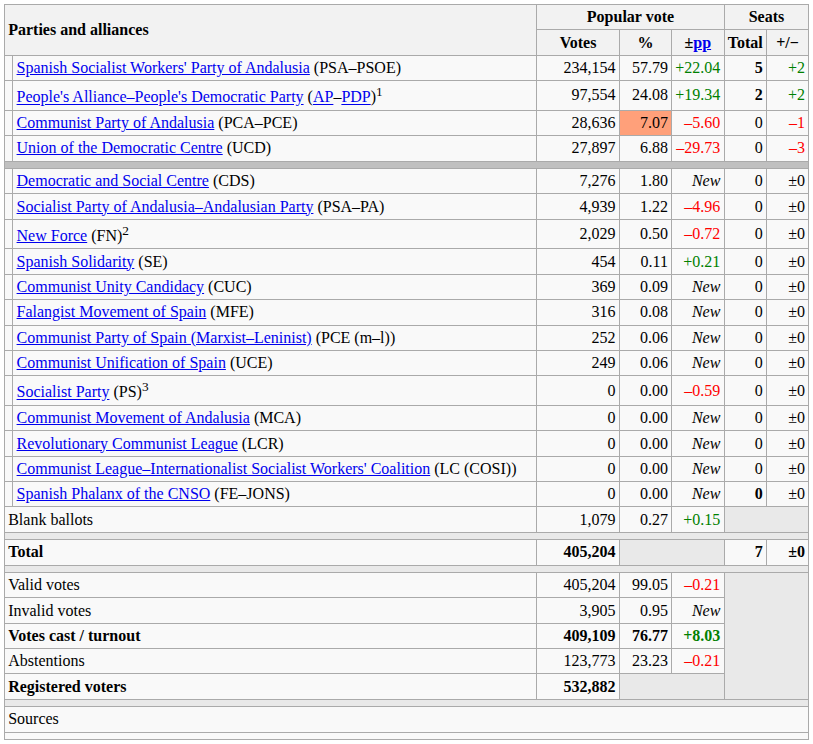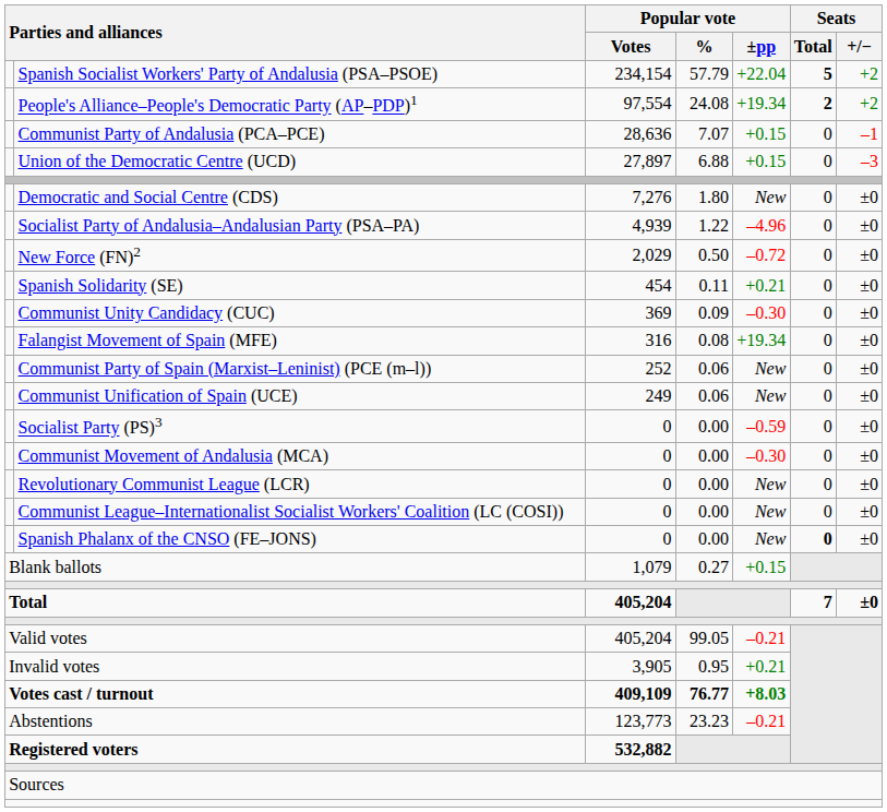 <table class="wikitable" style="text-align:right;">
 <tr>
 <th style="text-align:left;" rowspan="2" colspan="2" width="525">Parties and alliances</th>
 <th colspan="3">Popular vote</th>
 <th colspan="2">Seats</th>
 </tr>
 <tr>
 <th width="75">Votes</th>
 <th width="45">%</th>
 <th width="45">±<a href='#'>pp</a></th>
 <th width="35">Total</th>
 <th width="35">+/−</th>
 </tr>
 <tr>
 <td width="1" style="color:inherit;background:"></td>
 <td align="left"><a href='#'>Spanish Socialist Workers' Party of Andalusia</a> (PSA–PSOE)</td>
 <td>234,154</td>
 <td>57.79</td>
 <td style="color:green;">+22.04</td>
 <td><strong>5</strong></td>
 <td style="color:green;">+2</td>
 </tr>
 <tr>
 <td style="color:inherit;background:"></td>
 <td align="left"><a href='#'>People's Alliance–People's Democratic Party</a> (<a href='#'>AP</a>–<a href='#'>PDP</a>)<sup>1</sup></td>
 <td>97,554</td>
 <td>24.08</td>
 <td style="color:green;">+19.34</td>
 <td><strong>2</strong></td>
 <td style="color:green;">+2</td>
 </tr>
 <tr>
 <td style="color:inherit;background:"></td>
 <td align="left"><a href='#'>Communist Party of Andalusia</a> (PCA–PCE)</td>
 <td>28,636</td>
-<td style="background: lightsalmon;">7.07</td>
-<td style="color:red;">–5.60</td>
+<td>7.07</td>
+<td style="color:green;">+0.15</td>
 <td>0</td>
 <td style="color:red;">–1</td>
 </tr>
 <tr>
 <td style="color:inherit;background:"></td>
 <td align="left"><a href='#'>Union of the Democratic Centre</a> (UCD)</td>
 <td>27,897</td>
 <td>6.88</td>
-<td style="color:red;">–29.73</td>
+<td style="color:green;">+0.15</td>
 <td>0</td>
 <td style="color:red;">–3</td>
 </tr>
 <tr>
 <td colspan="7" bgcolor="#C0C0C0"></td>
 </tr>
 <tr>
 <td style="color:inherit;background:"></td>
 <td align="left"><a href='#'>Democratic and Social Centre</a> (CDS)</td>
 <td>7,276</td>
 <td>1.80</td>
 <td><em>New</em></td>
 <td>0</td>
 <td>±0</td>
 </tr>
 <tr>
 <td style="color:inherit;background:"></td>
 <td align="left"><a href='#'>Socialist Party of Andalusia–Andalusian Party</a> (PSA–PA)</td>
 <td>4,939</td>
 <td>1.22</td>
 <td style="color:red;">–4.96</td>
 <td>0</td>
 <td>±0</td>
 </tr>
 <tr>
 <td style="color:inherit;background:"></td>
 <td align="left"><a href='#'>New Force</a> (FN)<sup>2</sup></td>
 <td>2,029</td>
 <td>0.50</td>
 <td style="color:red;">–0.72</td>
 <td>0</td>
 <td>±0</td>
 </tr>
 <tr>
 <td style="color:inherit;background:"></td>
 <td align="left"><a href='#'>Spanish Solidarity</a> (SE)</td>
 <td>454</td>
 <td>0.11</td>
 <td style="color:green;">+0.21</td>
 <td>0</td>
 <td>±0</td>
 </tr>
 <tr>
 <td style="color:inherit;background:"></td>
 <td align="left"><a href='#'>Communist Unity Candidacy</a> (CUC)</td>
 <td>369</td>
 <td>0.09</td>
-<td><em>New</em></td>
+<td style="color:red;">–0.30</td>
 <td>0</td>
 <td>±0</td>
 </tr>
 <tr>
 <td style="color:inherit;background:"></td>
 <td align="left"><a href='#'>Falangist Movement of Spain</a> (MFE)</td>
 <td>316</td>
 <td>0.08</td>
-<td><em>New</em></td>
+<td style="color:green;">+19.34</td>
 <td>0</td>
 <td>±0</td>
 </tr>
 <tr>
 <td style="color:inherit;background:"></td>
 <td align="left"><a href='#'>Communist Party of Spain (Marxist–Leninist)</a> (PCE (m–l))</td>
 <td>252</td>
 <td>0.06</td>
 <td><em>New</em></td>
 <td>0</td>
 <td>±0</td>
 </tr>
 <tr>
 <td style="color:inherit;background:"></td>
 <td align="left"><a href='#'>Communist Unification of Spain</a> (UCE)</td>
 <td>249</td>
 <td>0.06</td>
 <td><em>New</em></td>
 <td>0</td>
 <td>±0</td>
 </tr>
 <tr>
 <td style="color:inherit;background:"></td>
 <td align="left"><a href='#'>Socialist Party</a> (PS)<sup>3</sup></td>
 <td>0</td>
 <td>0.00</td>
 <td style="color:red;">–0.59</td>
 <td>0</td>
 <td>±0</td>
 </tr>
 <tr>
 <td style="color:inherit;background:"></td>
 <td align="left"><a href='#'>Communist Movement of Andalusia</a> (MCA)</td>
 <td>0</td>
 <td>0.00</td>
-<td><em>New</em></td>
+<td style="color:red;">–0.30</td>
 <td>0</td>
 <td>±0</td>
 </tr>
 <tr>
 <td style="color:inherit;background:"></td>
 <td align="left"><a href='#'>Revolutionary Communist League</a> (LCR)</td>
 <td>0</td>
 <td>0.00</td>
 <td><em>New</em></td>
 <td>0</td>
 <td>±0</td>
 </tr>
 <tr>
 <td style="color:inherit;background:"></td>
 <td align="left"><a href='#'>Communist League–Internationalist Socialist Workers' Coalition</a> (LC (COSI))</td>
 <td>0</td>
 <td>0.00</td>
 <td><em>New</em></td>
 <td>0</td>
 <td>±0</td>
 </tr>
 <tr>
 <td style="color:inherit;background:"></td>
 <td align="left"><a href='#'>Spanish Phalanx of the CNSO</a> (FE–JONS)</td>
 <td>0</td>
 <td>0.00</td>
 <td><em>New</em></td>
 <td><strong>0</strong></td>
 <td>±0</td>
 </tr>
 <tr>
 <td align="left" colspan="2">Blank ballots</td>
 <td>1,079</td>
 <td>0.27</td>
 <td style="color:green;">+0.15</td>
 <td bgcolor="#E9E9E9" colspan="2"></td>
 </tr>
 <tr>
 <td colspan="7" bgcolor="#E9E9E9"></td>
 </tr>
 <tr style="font-weight:bold;">
 <td align="left" colspan="2">Total</td>
 <td>405,204</td>
 <td bgcolor="#E9E9E9" colspan="2"></td>
 <td>7</td>
 <td>±0</td>
 </tr>
 <tr>
 <td colspan="7" bgcolor="#E9E9E9"></td>
 </tr>
 <tr>
 <td align="left" colspan="2">Valid votes</td>
 <td>405,204</td>
 <td>99.05</td>
 <td style="color:red;">–0.21</td>
 <td bgcolor="#E9E9E9" colspan="2" rowspan="5"></td>
 </tr>
 <tr>
 <td align="left" colspan="2">Invalid votes</td>
 <td>3,905</td>
 <td>0.95</td>
-<td><em>New</em></td>
+<td style="color:green;">+0.21</td>
 </tr>
 <tr style="font-weight:bold;">
 <td align="left" colspan="2">Votes cast / turnout</td>
 <td>409,109</td>
 <td>76.77</td>
 <td style="color:green;">+8.03</td>
 </tr>
 <tr>
 <td align="left" colspan="2">Abstentions</td>
 <td>123,773</td>
 <td>23.23</td>
 <td style="color:red;">–0.21</td>
 </tr>
 <tr style="font-weight:bold;">
 <td align="left" colspan="2">Registered voters</td>
 <td>532,882</td>
 <td bgcolor="#E9E9E9" colspan="2"></td>
 </tr>
 <tr>
 <td colspan="7" bgcolor="#E9E9E9"></td>
 </tr>
 <tr>
 <td align="left" colspan="7">Sources</td>
 </tr>
 <tr>
 <td colspan="7" style="text-align:left; max-width:790px;"></td>
 </tr>
 </table>
